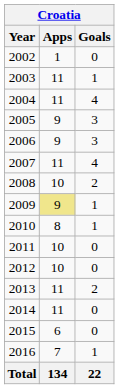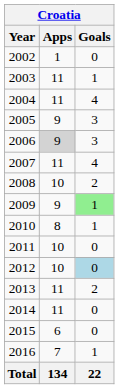 <table class="wikitable" style="text-align:center">
 <tr>
 <th colspan="3"><a href='#'>Croatia</a></th>
 </tr>
 <tr>
 <th>Year</th>
 <th>Apps</th>
 <th>Goals</th>
 </tr>
 <tr>
 <td>2002</td>
 <td>1</td>
 <td>0</td>
 </tr>
 <tr>
 <td>2003</td>
 <td>11</td>
 <td>1</td>
 </tr>
 <tr>
 <td>2004</td>
 <td>11</td>
 <td>4</td>
 </tr>
 <tr>
 <td>2005</td>
 <td>9</td>
 <td>3</td>
 </tr>
 <tr>
 <td>2006</td>
-<td>9</td>
+<td style="background: lightgrey;">9</td>
 <td>3</td>
 </tr>
 <tr>
 <td>2007</td>
 <td>11</td>
 <td>4</td>
 </tr>
 <tr>
 <td>2008</td>
 <td>10</td>
 <td>2</td>
 </tr>
 <tr>
 <td>2009</td>
-<td style="background: khaki;">9</td>
-<td>1</td>
+<td>9</td>
+<td style="background: lightgreen;">1</td>
 </tr>
 <tr>
 <td>2010</td>
 <td>8</td>
 <td>1</td>
 </tr>
 <tr>
 <td>2011</td>
 <td>10</td>
 <td>0</td>
 </tr>
 <tr>
 <td>2012</td>
 <td>10</td>
-<td>0</td>
+<td style="background: lightblue;">0</td>
 </tr>
 <tr>
 <td>2013</td>
 <td>11</td>
 <td>2</td>
 </tr>
 <tr>
 <td>2014</td>
 <td>11</td>
 <td>0</td>
 </tr>
 <tr>
 <td>2015</td>
 <td>6</td>
 <td>0</td>
 </tr>
 <tr>
 <td>2016</td>
 <td>7</td>
 <td>1</td>
 </tr>
 <tr>
 <th>Total</th>
 <th>134</th>
 <th>22</th>
 </tr>
 </table>
